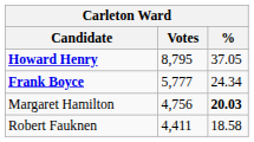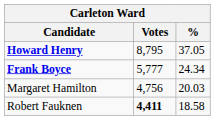 <table class="wikitable">
 <tr>
 <th colspan="3">Carleton Ward</th>
 </tr>
 <tr>
 <th style="width: 170px">Candidate</th>
 <th style="width: 50px">Votes</th>
 <th style="width: 40px">%</th>
 </tr>
 <tr>
 <td><strong><a href='#'>Howard Henry</a></strong></td>
 <td>8,795</td>
 <td>37.05</td>
 </tr>
 <tr>
 <td><strong><a href='#'>Frank Boyce</a></strong></td>
 <td>5,777</td>
 <td>24.34</td>
 </tr>
 <tr>
 <td>Margaret Hamilton</td>
 <td>4,756</td>
-<td><strong>20.03</strong></td>
+<td>20.03</td>
 </tr>
 <tr>
 <td>Robert Fauknen</td>
-<td>4,411</td>
+<td><strong>4,411</strong></td>
 <td>18.58</td>
 </tr>
 </table>
